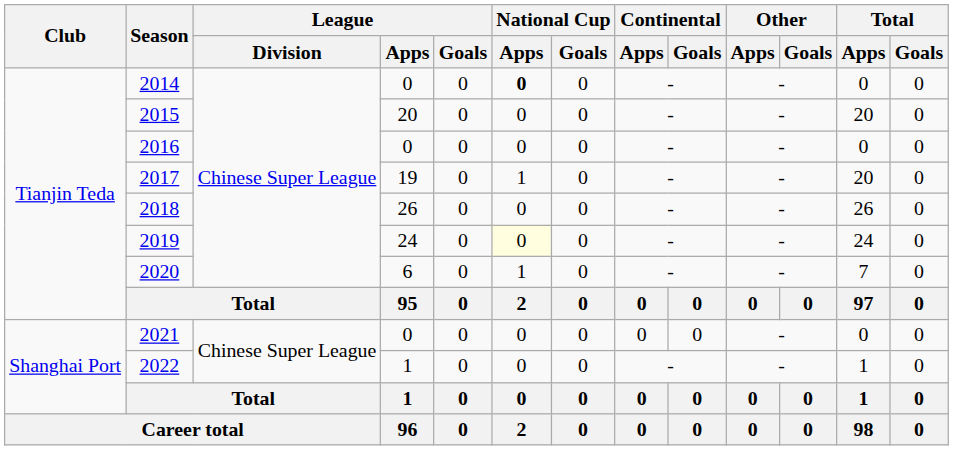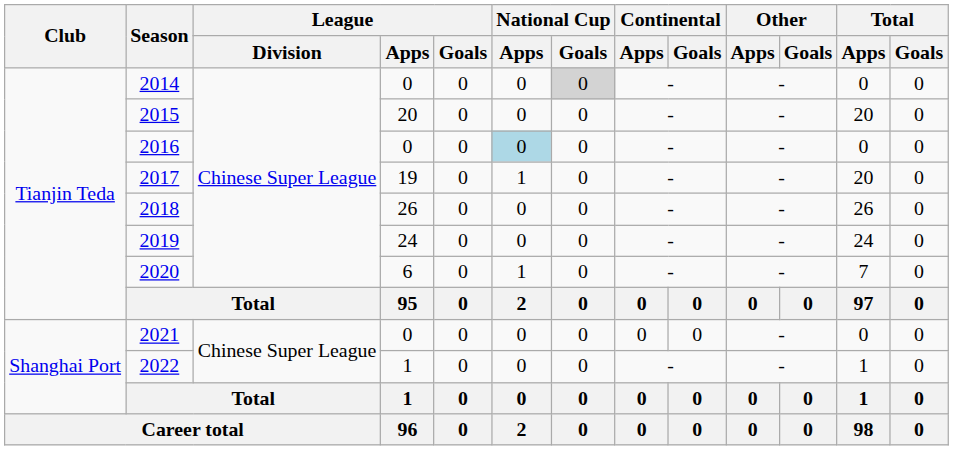 <table class="wikitable" style="text-align: center">
 <tr>
 <th rowspan="2">Club</th>
 <th rowspan="2">Season</th>
 <th colspan="3">League</th>
 <th colspan="2">National Cup</th>
 <th colspan="2">Continental</th>
 <th colspan="2">Other</th>
 <th colspan="2">Total</th>
 </tr>
 <tr>
 <th>Division</th>
 <th>Apps</th>
 <th>Goals</th>
 <th>Apps</th>
 <th>Goals</th>
 <th>Apps</th>
 <th>Goals</th>
 <th>Apps</th>
 <th>Goals</th>
 <th>Apps</th>
 <th>Goals</th>
 </tr>
 <tr>
 <td rowspan=8><a href='#'>Tianjin Teda</a></td>
 <td><a href='#'>2014</a></td>
 <td rowspan=7><a href='#'>Chinese Super League</a></td>
 <td>0</td>
 <td>0</td>
-<td><strong>0</strong></td>
 <td>0</td>
+<td style="background: lightgrey;">0</td>
 <td colspan="2">-</td>
 <td colspan="2">-</td>
 <td>0</td>
 <td>0</td>
 </tr>
 <tr>
 <td><a href='#'>2015</a></td>
 <td>20</td>
 <td>0</td>
 <td>0</td>
 <td>0</td>
 <td colspan="2">-</td>
 <td colspan="2">-</td>
 <td>20</td>
 <td>0</td>
 </tr>
 <tr>
 <td><a href='#'>2016</a></td>
 <td>0</td>
 <td>0</td>
-<td>0</td>
+<td style="background: lightblue;">0</td>
 <td>0</td>
 <td colspan="2">-</td>
 <td colspan="2">-</td>
 <td>0</td>
 <td>0</td>
 </tr>
 <tr>
 <td><a href='#'>2017</a></td>
 <td>19</td>
 <td>0</td>
 <td>1</td>
 <td>0</td>
 <td colspan="2">-</td>
 <td colspan="2">-</td>
 <td>20</td>
 <td>0</td>
 </tr>
 <tr>
 <td><a href='#'>2018</a></td>
 <td>26</td>
 <td>0</td>
 <td>0</td>
 <td>0</td>
 <td colspan="2">-</td>
 <td colspan="2">-</td>
 <td>26</td>
 <td>0</td>
 </tr>
 <tr>
 <td><a href='#'>2019</a></td>
 <td>24</td>
 <td>0</td>
-<td style="background: lightyellow;">0</td>
+<td>0</td>
 <td>0</td>
 <td colspan="2">-</td>
 <td colspan="2">-</td>
 <td>24</td>
 <td>0</td>
 </tr>
 <tr>
 <td><a href='#'>2020</a></td>
 <td>6</td>
 <td>0</td>
 <td>1</td>
 <td>0</td>
 <td colspan="2">-</td>
 <td colspan="2">-</td>
 <td>7</td>
 <td>0</td>
 </tr>
 <tr>
 <th colspan=2>Total</th>
 <th>95</th>
 <th>0</th>
 <th>2</th>
 <th>0</th>
 <th>0</th>
 <th>0</th>
 <th>0</th>
 <th>0</th>
 <th>97</th>
 <th>0</th>
 </tr>
 <tr>
 <td rowspan=3><a href='#'>Shanghai Port</a></td>
 <td><a href='#'>2021</a></td>
 <td rowspan=2>Chinese Super League</td>
 <td>0</td>
 <td>0</td>
 <td>0</td>
 <td>0</td>
 <td>0</td>
 <td>0</td>
 <td colspan="2">-</td>
 <td>0</td>
 <td>0</td>
 </tr>
 <tr>
 <td><a href='#'>2022</a></td>
 <td>1</td>
 <td>0</td>
 <td>0</td>
 <td>0</td>
 <td colspan="2">-</td>
 <td colspan="2">-</td>
 <td>1</td>
 <td>0</td>
 </tr>
 <tr>
 <th colspan=2>Total</th>
 <th>1</th>
 <th>0</th>
 <th>0</th>
 <th>0</th>
 <th>0</th>
 <th>0</th>
 <th>0</th>
 <th>0</th>
 <th>1</th>
 <th>0</th>
 </tr>
 <tr>
 <th colspan=3>Career total</th>
 <th>96</th>
 <th>0</th>
 <th>2</th>
 <th>0</th>
 <th>0</th>
 <th>0</th>
 <th>0</th>
 <th>0</th>
 <th>98</th>
 <th>0</th>
 </tr>
 </table>
